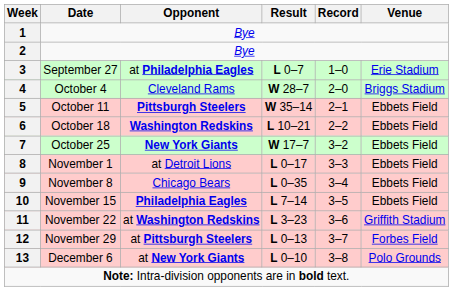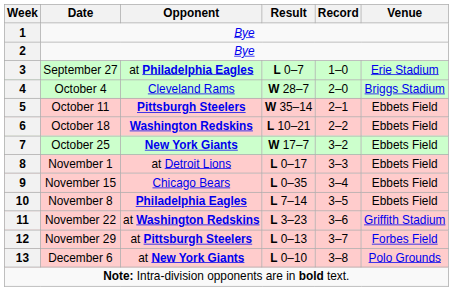 <table class="wikitable" style="text-align:center">
 <tr>
 <th>Week</th>
 <th>Date</th>
 <th>Opponent</th>
 <th>Result</th>
 <th>Record</th>
 <th>Venue</th>
 </tr>
 <tr>
 <th>1</th>
 <td colspan="6"><em><a href='#'>Bye</a></em></td>
 </tr>
 <tr>
 <th>2</th>
 <td colspan="6"><em><a href='#'>Bye</a></em></td>
 </tr>
 <tr style="background:#cfc">
 <th>3</th>
 <td>September 27</td>
 <td>at <strong><a href='#'>Philadelphia Eagles</a></strong></td>
 <td><strong>L</strong> 0–7</td>
 <td>1–0</td>
 <td><a href='#'>Erie Stadium</a></td>
 </tr>
 <tr style="background:#cfc">
 <th>4</th>
 <td>October 4</td>
 <td><a href='#'>Cleveland Rams</a></td>
 <td><strong>W</strong> 28–7</td>
 <td>2–0</td>
 <td><a href='#'>Briggs Stadium</a></td>
 </tr>
 <tr style="background:#fcc">
 <th>5</th>
 <td>October 11</td>
 <td><strong><a href='#'>Pittsburgh Steelers</a></strong></td>
 <td><strong>W</strong> 35–14</td>
 <td>2–1</td>
 <td>Ebbets Field</td>
 </tr>
 <tr style="background:#fcc">
 <th>6</th>
 <td>October 18</td>
 <td><strong><a href='#'>Washington Redskins</a></strong></td>
 <td><strong>L</strong> 10–21</td>
 <td>2–2</td>
 <td>Ebbets Field</td>
 </tr>
 <tr style="background:#cfc">
 <th>7</th>
 <td>October 25</td>
 <td><strong><a href='#'>New York Giants</a></strong></td>
 <td><strong>W</strong> 17–7</td>
 <td>3–2</td>
 <td>Ebbets Field</td>
 </tr>
 <tr style="background:#fcc">
 <th>8</th>
 <td>November 1</td>
 <td>at <a href='#'>Detroit Lions</a></td>
 <td><strong>L</strong> 0–17</td>
 <td>3–3</td>
 <td>Ebbets Field</td>
 </tr>
 <tr style="background:#fcc">
 <th>9</th>
-<td>November 8</td>
+<td>November 15</td>
 <td><a href='#'>Chicago Bears</a></td>
 <td><strong>L</strong> 0–35</td>
 <td>3–4</td>
 <td>Ebbets Field</td>
 </tr>
 <tr style="background:#fcc">
 <th>10</th>
-<td>November 15</td>
+<td>November 8</td>
 <td><strong><a href='#'>Philadelphia Eagles</a></strong></td>
 <td><strong>L</strong> 7–14</td>
 <td>3–5</td>
 <td>Ebbets Field</td>
 </tr>
 <tr style="background:#fcc">
 <th>11</th>
 <td>November 22</td>
 <td>at <strong><a href='#'>Washington Redskins</a></strong></td>
 <td><strong>L</strong> 3–23</td>
 <td>3–6</td>
 <td><a href='#'>Griffith Stadium</a></td>
 </tr>
 <tr style="background:#fcc">
 <th>12</th>
 <td>November 29</td>
 <td>at <strong><a href='#'>Pittsburgh Steelers</a></strong></td>
 <td><strong>L</strong> 0–13</td>
 <td>3–7</td>
 <td><a href='#'>Forbes Field</a></td>
 </tr>
 <tr style="background:#fcc">
 <th>13</th>
 <td>December 6</td>
 <td>at <strong><a href='#'>New York Giants</a></strong></td>
 <td><strong>L</strong> 0–10</td>
 <td>3–8</td>
 <td><a href='#'>Polo Grounds</a></td>
 </tr>
 <tr>
 <td colspan="8"><strong>Note:</strong> Intra-division opponents are in <strong>bold</strong> text.</td>
 </tr>
 </table>
